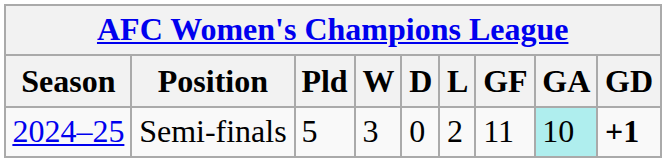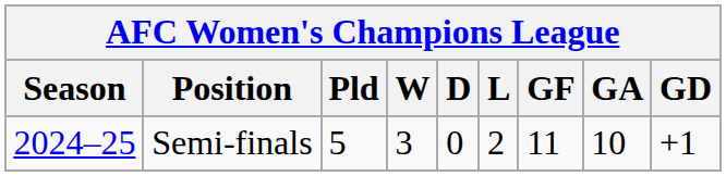 <table class="wikitable">
 <tr>
 <th colspan=9><a href='#'>AFC Women's Champions League</a></th>
 </tr>
 <tr>
 <th>Season</th>
 <th>Position</th>
 <th>Pld</th>
 <th>W</th>
 <th>D</th>
 <th>L</th>
 <th>GF</th>
 <th>GA</th>
 <th>GD</th>
 </tr>
 <tr>
 <td><a href='#'>2024–25</a></td>
 <td>Semi-finals</td>
 <td>5</td>
 <td>3</td>
 <td>0</td>
 <td>2</td>
 <td>11</td>
-<td style="background: paleturquoise;">10</td>
-<td><strong>+1</strong></td>
+<td>10</td>
+<td>+1</td>
 </tr>
 <tr>
 </tr>
 </table>
